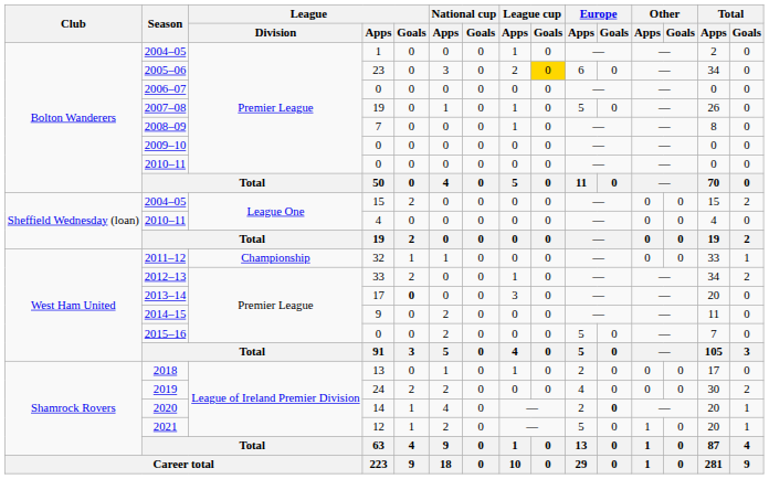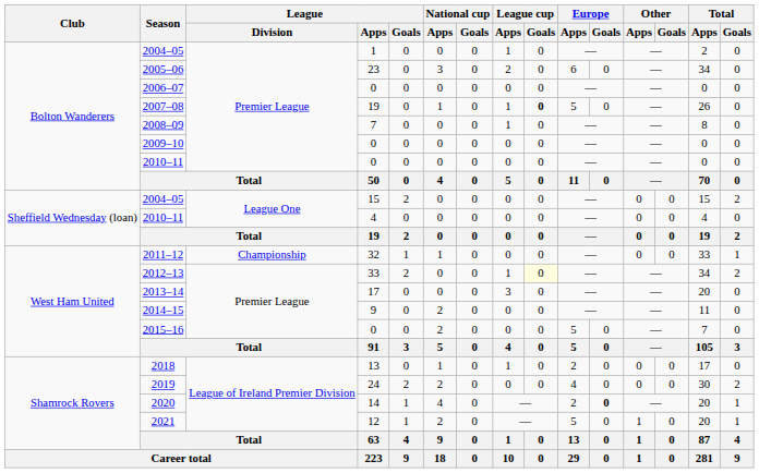 <table class="wikitable" style="text-align:center">
 <tr>
 <th rowspan="2">Club</th>
 <th rowspan="2">Season</th>
 <th colspan="3">League</th>
 <th colspan="2">National cup</th>
 <th colspan="2">League cup</th>
 <th colspan="2"><a href='#'>Europe</a></th>
 <th colspan="2">Other</th>
 <th colspan="2">Total</th>
 </tr>
 <tr>
 <th>Division</th>
 <th>Apps</th>
 <th>Goals</th>
 <th>Apps</th>
 <th>Goals</th>
 <th>Apps</th>
 <th>Goals</th>
 <th>Apps</th>
 <th>Goals</th>
 <th>Apps</th>
 <th>Goals</th>
 <th>Apps</th>
 <th>Goals</th>
 </tr>
 <tr>
 <td rowspan="8"><a href='#'>Bolton Wanderers</a></td>
 <td><a href='#'>2004–05</a></td>
 <td rowspan="7"><a href='#'>Premier League</a></td>
 <td>1</td>
 <td>0</td>
 <td>0</td>
 <td>0</td>
 <td>1</td>
 <td>0</td>
 <td colspan="2">—</td>
 <td colspan="2">—</td>
 <td>2</td>
 <td>0</td>
 </tr>
 <tr>
 <td><a href='#'>2005–06</a></td>
 <td>23</td>
 <td>0</td>
 <td>3</td>
 <td>0</td>
 <td>2</td>
-<td style="background: gold;">0</td>
+<td>0</td>
 <td>6</td>
 <td>0</td>
 <td colspan="2">—</td>
 <td>34</td>
 <td>0</td>
 </tr>
 <tr>
 <td><a href='#'>2006–07</a></td>
 <td>0</td>
 <td>0</td>
 <td>0</td>
 <td>0</td>
 <td>0</td>
 <td>0</td>
 <td colspan="2">—</td>
 <td colspan="2">—</td>
 <td>0</td>
 <td>0</td>
 </tr>
 <tr>
 <td><a href='#'>2007–08</a></td>
 <td>19</td>
 <td>0</td>
 <td>1</td>
 <td>0</td>
 <td>1</td>
-<td>0</td>
+<td><strong>0</strong></td>
 <td>5</td>
 <td>0</td>
 <td colspan="2">—</td>
 <td>26</td>
 <td>0</td>
 </tr>
 <tr>
 <td><a href='#'>2008–09</a></td>
 <td>7</td>
 <td>0</td>
 <td>0</td>
 <td>0</td>
 <td>1</td>
 <td>0</td>
 <td colspan="2">—</td>
 <td colspan="2">—</td>
 <td>8</td>
 <td>0</td>
 </tr>
 <tr>
 <td><a href='#'>2009–10</a></td>
 <td>0</td>
 <td>0</td>
 <td>0</td>
 <td>0</td>
 <td>0</td>
 <td>0</td>
 <td colspan="2">—</td>
 <td colspan="2">—</td>
 <td>0</td>
 <td>0</td>
 </tr>
 <tr>
 <td><a href='#'>2010–11</a></td>
 <td>0</td>
 <td>0</td>
 <td>0</td>
 <td>0</td>
 <td>0</td>
 <td>0</td>
 <td colspan="2">—</td>
 <td colspan="2">—</td>
 <td>0</td>
 <td>0</td>
 </tr>
 <tr>
 <th colspan="2">Total</th>
 <th>50</th>
 <th>0</th>
 <th>4</th>
 <th>0</th>
 <th>5</th>
 <th>0</th>
 <th>11</th>
 <th>0</th>
 <th colspan="2">—</th>
 <th>70</th>
 <th>0</th>
 </tr>
 <tr>
 <td rowspan="3"><a href='#'>Sheffield Wednesday</a> (loan)</td>
 <td><a href='#'>2004–05</a></td>
 <td rowspan="2"><a href='#'>League One</a></td>
 <td>15</td>
 <td>2</td>
 <td>0</td>
 <td>0</td>
 <td>0</td>
 <td>0</td>
 <td colspan="2">—</td>
 <td>0</td>
 <td>0</td>
 <td>15</td>
 <td>2</td>
 </tr>
 <tr>
 <td><a href='#'>2010–11</a></td>
 <td>4</td>
 <td>0</td>
 <td>0</td>
 <td>0</td>
 <td>0</td>
 <td>0</td>
 <td colspan="2">—</td>
 <td>0</td>
 <td>0</td>
 <td>4</td>
 <td>0</td>
 </tr>
 <tr>
 <th colspan="2">Total</th>
 <th>19</th>
 <th>2</th>
 <th>0</th>
 <th>0</th>
 <th>0</th>
 <th>0</th>
 <th colspan="2">—</th>
 <th>0</th>
 <th>0</th>
 <th>19</th>
 <th>2</th>
 </tr>
 <tr>
 <td rowspan="6"><a href='#'>West Ham United</a></td>
 <td><a href='#'>2011–12</a></td>
 <td><a href='#'>Championship</a></td>
 <td>32</td>
 <td>1</td>
 <td>1</td>
 <td>0</td>
 <td>0</td>
 <td>0</td>
 <td colspan="2">—</td>
 <td>0</td>
 <td>0</td>
 <td>33</td>
 <td>1</td>
 </tr>
 <tr>
 <td><a href='#'>2012–13</a></td>
 <td rowspan="4">Premier League</td>
 <td>33</td>
 <td>2</td>
 <td>0</td>
 <td>0</td>
 <td>1</td>
-<td>0</td>
+<td style="background: lightyellow;">0</td>
 <td colspan="2">—</td>
 <td colspan="2">—</td>
 <td>34</td>
 <td>2</td>
 </tr>
 <tr>
 <td><a href='#'>2013–14</a></td>
 <td>17</td>
-<td><strong>0</strong></td>
+<td>0</td>
 <td>0</td>
 <td>0</td>
 <td>3</td>
 <td>0</td>
 <td colspan="2">—</td>
 <td colspan="2">—</td>
 <td>20</td>
 <td>0</td>
 </tr>
 <tr>
 <td><a href='#'>2014–15</a></td>
 <td>9</td>
 <td>0</td>
 <td>2</td>
 <td>0</td>
 <td>0</td>
 <td>0</td>
 <td colspan="2">—</td>
 <td colspan="2">—</td>
 <td>11</td>
 <td>0</td>
 </tr>
 <tr>
 <td><a href='#'>2015–16</a></td>
 <td>0</td>
 <td>0</td>
 <td>2</td>
 <td>0</td>
 <td>0</td>
 <td>0</td>
 <td>5</td>
 <td>0</td>
 <td colspan="2">—</td>
 <td>7</td>
 <td>0</td>
 </tr>
 <tr>
 <th colspan="2">Total</th>
 <th>91</th>
 <th>3</th>
 <th>5</th>
 <th>0</th>
 <th>4</th>
 <th>0</th>
 <th>5</th>
 <th>0</th>
 <th colspan="2">—</th>
 <th>105</th>
 <th>3</th>
 </tr>
 <tr>
 <td rowspan="5"><a href='#'>Shamrock Rovers</a></td>
 <td><a href='#'>2018</a></td>
 <td rowspan="4"><a href='#'>League of Ireland Premier Division</a></td>
 <td>13</td>
 <td>0</td>
 <td>1</td>
 <td>0</td>
 <td>1</td>
 <td>0</td>
 <td>2</td>
 <td>0</td>
 <td>0</td>
 <td>0</td>
 <td>17</td>
 <td>0</td>
 </tr>
 <tr>
 <td><a href='#'>2019</a></td>
 <td>24</td>
 <td>2</td>
 <td>2</td>
 <td>0</td>
 <td>0</td>
 <td>0</td>
 <td>4</td>
 <td>0</td>
 <td>0</td>
 <td>0</td>
 <td>30</td>
 <td>2</td>
 </tr>
 <tr>
 <td><a href='#'>2020</a></td>
 <td>14</td>
 <td>1</td>
 <td>4</td>
 <td>0</td>
 <td colspan="2">—</td>
 <td>2</td>
 <td><strong>0</strong></td>
 <td colspan="2">—</td>
 <td>20</td>
 <td>1</td>
 </tr>
 <tr>
 <td><a href='#'>2021</a></td>
 <td>12</td>
 <td>1</td>
 <td>2</td>
 <td>0</td>
 <td colspan="2">—</td>
 <td>5</td>
 <td>0</td>
 <td>1</td>
 <td>0</td>
 <td>20</td>
 <td>1</td>
 </tr>
 <tr>
 <th colspan="2">Total</th>
 <th>63</th>
 <th>4</th>
 <th>9</th>
 <th>0</th>
 <th>1</th>
 <th>0</th>
 <th>13</th>
 <th>0</th>
 <th>1</th>
 <th>0</th>
 <th>87</th>
 <th>4</th>
 </tr>
 <tr>
 <th colspan="3">Career total</th>
 <th>223</th>
 <th>9</th>
 <th>18</th>
 <th>0</th>
 <th>10</th>
 <th>0</th>
 <th>29</th>
 <th>0</th>
 <th>1</th>
 <th>0</th>
 <th>281</th>
 <th>9</th>
 </tr>
 </table>
